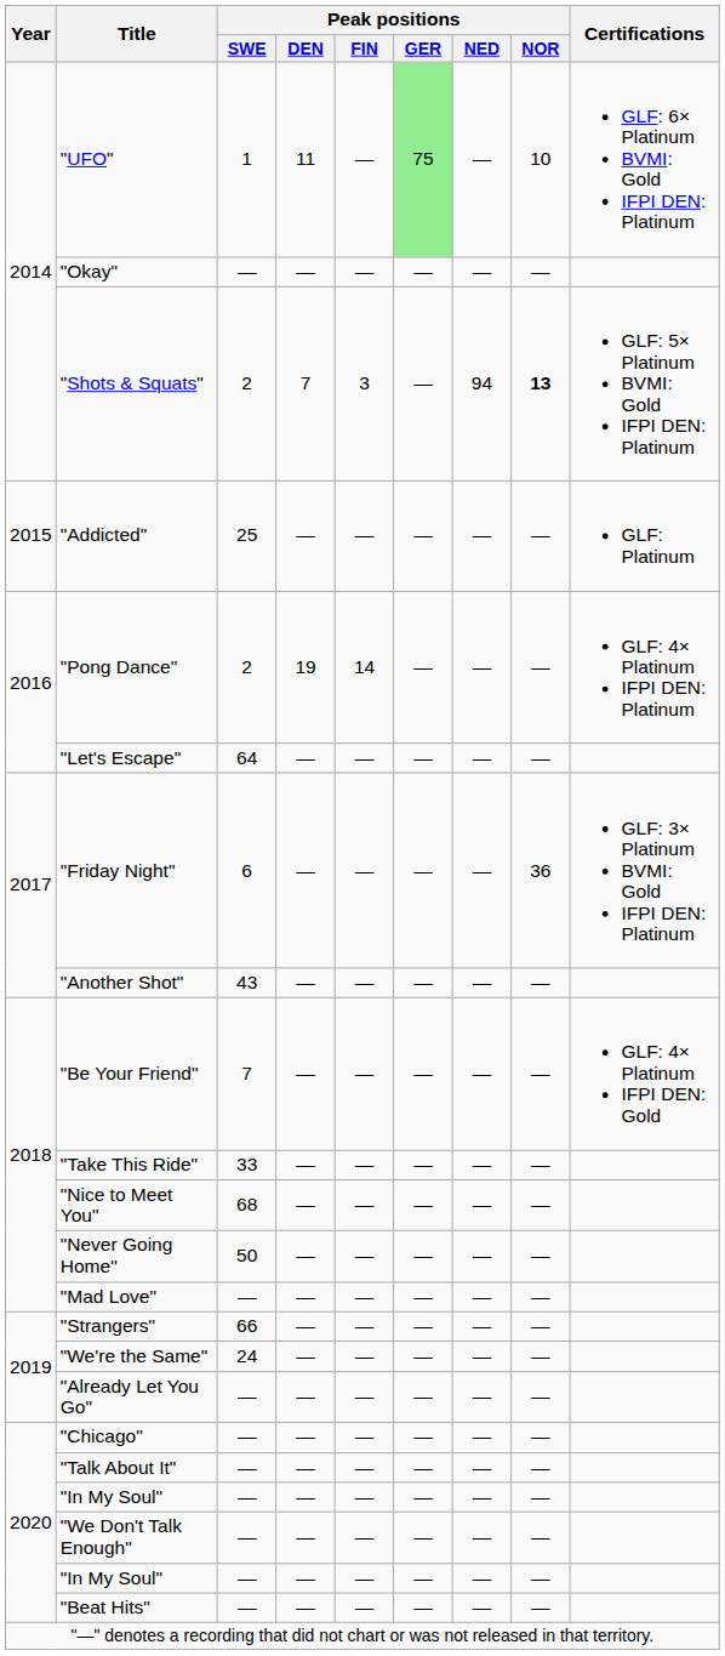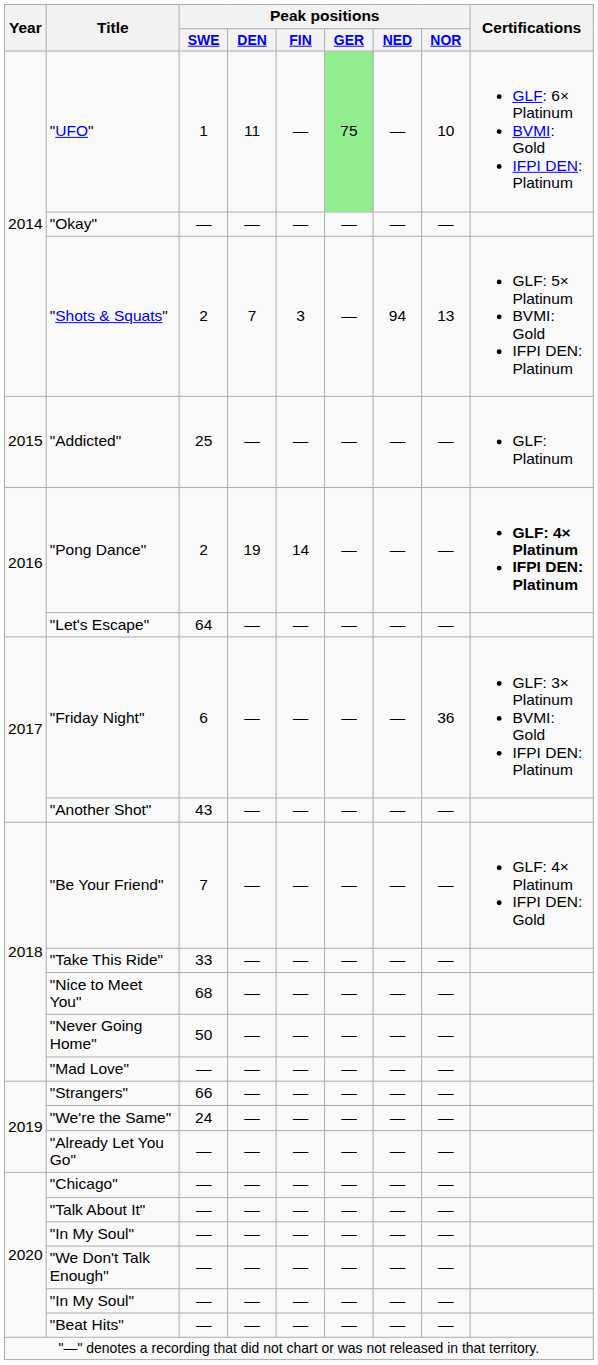 <table class="wikitable">
 <tr>
 <th align="center" rowspan="2" width="10">Year</th>
 <th align="center" rowspan="2" width="130">Title</th>
 <th align="center" colspan="6" width="20">Peak positions</th>
 <th align="center" rowspan="2">Certifications</th>
 </tr>
 <tr>
 <th scope="col" style="width:3em;font-size:90%;"><a href='#'>SWE</a><br></th>
 <th scope="col" style="width:3em;font-size:90%;"><a href='#'>DEN</a><br></th>
 <th scope="col" style="width:3em;font-size:90%;"><a href='#'>FIN</a><br></th>
 <th scope="col" style="width:3em;font-size:90%;"><a href='#'>GER</a><br></th>
 <th scope="col" style="width:3em;font-size:90%;"><a href='#'>NED</a><br></th>
 <th scope="col" style="width:3em;font-size:90%;"><a href='#'>NOR</a><br></th>
 </tr>
 <tr>
 <td rowspan="3" style="text-align:center;">2014</td>
 <td>"<a href='#'>UFO</a>"</td>
 <td style="text-align:center;">1</td>
 <td style="text-align:center;">11</td>
 <td style="text-align:center;">—</td>
 <td style="background: lightgreen; text-align:center;">75</td>
 <td style="text-align:center;">—</td>
 <td style="text-align:center;">10</td>
 <td><br><ul><li><a href='#'>GLF</a>: 6× Platinum</li><li><a href='#'>BVMI</a>: Gold</li><li><a href='#'>IFPI DEN</a>: Platinum</li></ul></td>
 </tr>
 <tr>
 <td>"Okay"</td>
 <td style="text-align:center;">—</td>
 <td style="text-align:center;">—</td>
 <td style="text-align:center;">—</td>
 <td style="text-align:center;">—</td>
 <td style="text-align:center;">—</td>
 <td style="text-align:center;">—</td>
 <td></td>
 </tr>
 <tr>
 <td>"<a href='#'>Shots & Squats</a>" <br></td>
 <td style="text-align:center;">2</td>
 <td style="text-align:center;">7</td>
 <td style="text-align:center;">3</td>
 <td style="text-align:center;">—</td>
 <td style="text-align:center;">94</td>
-<td style="text-align:center;"><strong>13</strong></td>
+<td style="text-align:center;">13</td>
 <td><br><ul><li>GLF: 5× Platinum</li><li>BVMI: Gold</li><li>IFPI DEN: Platinum</li></ul></td>
 </tr>
 <tr>
 <td>2015</td>
 <td>"Addicted" <br></td>
 <td style="text-align:center;">25</td>
 <td style="text-align:center;">—</td>
 <td style="text-align:center;">—</td>
 <td style="text-align:center;">—</td>
 <td style="text-align:center;">—</td>
 <td style="text-align:center;">—</td>
 <td><br><ul><li>GLF: Platinum</li></ul></td>
 </tr>
 <tr>
 <td style="text-align:center;" rowspan="2">2016</td>
 <td>"Pong Dance"</td>
 <td style="text-align:center;">2</td>
 <td style="text-align:center;">19</td>
 <td style="text-align:center;">14</td>
 <td style="text-align:center;">—</td>
 <td style="text-align:center;">—</td>
 <td style="text-align:center;">—</td>
-<td><br><ul><li>GLF: 4× Platinum</li><li>IFPI DEN: Platinum</li></ul></td>
+<td><strong><br><ul><li>GLF: 4× Platinum</li><li>IFPI DEN: Platinum</li></ul></strong></td>
 </tr>
 <tr>
 <td>"Let's Escape"</td>
 <td style="text-align:center;">64</td>
 <td style="text-align:center;">—</td>
 <td style="text-align:center;">—</td>
 <td style="text-align:center;">—</td>
 <td style="text-align:center;">—</td>
 <td style="text-align:center;">—</td>
 <td></td>
 </tr>
 <tr>
 <td style="text-align:center;" rowspan="2">2017</td>
 <td>"Friday Night"</td>
 <td style="text-align:center;">6</td>
 <td style="text-align:center;">—</td>
 <td style="text-align:center;">—</td>
 <td style="text-align:center;">—</td>
 <td style="text-align:center;">—</td>
 <td style="text-align:center;">36<br></td>
 <td><br><ul><li>GLF: 3× Platinum</li><li>BVMI: Gold</li><li>IFPI DEN: Platinum</li></ul></td>
 </tr>
 <tr>
 <td>"Another Shot"</td>
 <td style="text-align:center;">43</td>
 <td style="text-align:center;">—</td>
 <td style="text-align:center;">—</td>
 <td style="text-align:center;">—</td>
 <td style="text-align:center;">—</td>
 <td style="text-align:center;">—</td>
 <td></td>
 </tr>
 <tr>
 <td style="text-align:center;" rowspan="5">2018</td>
 <td>"Be Your Friend"<br></td>
 <td style="text-align:center;">7<br></td>
 <td style="text-align:center;">—</td>
 <td style="text-align:center;">—</td>
 <td style="text-align:center;">—</td>
 <td style="text-align:center;">—</td>
 <td style="text-align:center;">—</td>
 <td><br><ul><li>GLF: 4× Platinum</li><li>IFPI DEN: Gold</li></ul></td>
 </tr>
 <tr>
 <td>"Take This Ride"</td>
 <td style="text-align:center;">33<br></td>
 <td style="text-align:center;">—</td>
 <td style="text-align:center;">—</td>
 <td style="text-align:center;">—</td>
 <td style="text-align:center;">—</td>
 <td style="text-align:center;">—</td>
 <td></td>
 </tr>
 <tr>
 <td>"Nice to Meet You"<br></td>
 <td style="text-align:center;">68<br></td>
 <td style="text-align:center;">—</td>
 <td style="text-align:center;">—</td>
 <td style="text-align:center;">—</td>
 <td style="text-align:center;">—</td>
 <td style="text-align:center;">—</td>
 <td></td>
 </tr>
 <tr>
 <td>"Never Going Home"</td>
 <td style="text-align:center;">50<br></td>
 <td style="text-align:center;">—</td>
 <td style="text-align:center;">—</td>
 <td style="text-align:center;">—</td>
 <td style="text-align:center;">—</td>
 <td style="text-align:center;">—</td>
 <td></td>
 </tr>
 <tr>
 <td>"Mad Love"<br></td>
 <td style="text-align:center;">—</td>
 <td style="text-align:center;">—</td>
 <td style="text-align:center;">—</td>
 <td style="text-align:center;">—</td>
 <td style="text-align:center;">—</td>
 <td style="text-align:center;">—</td>
 <td></td>
 </tr>
 <tr>
 <td style="text-align:center;" rowspan="3">2019</td>
 <td>"Strangers"<br></td>
 <td style="text-align:center;">66<br></td>
 <td style="text-align:center;">—</td>
 <td style="text-align:center;">—</td>
 <td style="text-align:center;">—</td>
 <td style="text-align:center;">—</td>
 <td style="text-align:center;">—</td>
 <td></td>
 </tr>
 <tr>
 <td>"We're the Same"<br></td>
 <td style="text-align:center;">24<br></td>
 <td style="text-align:center;">—</td>
 <td style="text-align:center;">—</td>
 <td style="text-align:center;">—</td>
 <td style="text-align:center;">—</td>
 <td style="text-align:center;">—</td>
 <td></td>
 </tr>
 <tr>
 <td>"Already Let You Go"<br></td>
 <td style="text-align:center;">—</td>
 <td style="text-align:center;">—</td>
 <td style="text-align:center;">—</td>
 <td style="text-align:center;">—</td>
 <td style="text-align:center;">—</td>
 <td style="text-align:center;">—</td>
 <td></td>
 </tr>
 <tr>
 <td style="text-align:center;" rowspan="6">2020</td>
 <td>"Chicago"</td>
 <td style="text-align:center;">—</td>
 <td style="text-align:center;">—</td>
 <td style="text-align:center;">—</td>
 <td style="text-align:center;">—</td>
 <td style="text-align:center;">—</td>
 <td style="text-align:center;">—</td>
 <td></td>
 </tr>
 <tr>
 <td>"Talk About It" <br></td>
 <td style="text-align:center;">—</td>
 <td style="text-align:center;">—</td>
 <td style="text-align:center;">—</td>
 <td style="text-align:center;">—</td>
 <td style="text-align:center;">—</td>
 <td style="text-align:center;">—</td>
 <td></td>
 </tr>
 <tr>
 <td>"In My Soul"</td>
 <td style="text-align:center;">—</td>
 <td style="text-align:center;">—</td>
 <td style="text-align:center;">—</td>
 <td style="text-align:center;">—</td>
 <td style="text-align:center;">—</td>
 <td style="text-align:center;">—</td>
 <td></td>
 </tr>
 <tr>
 <td>"We Don't Talk Enough" <br></td>
 <td style="text-align:center;">—</td>
 <td style="text-align:center;">—</td>
 <td style="text-align:center;">—</td>
 <td style="text-align:center;">—</td>
 <td style="text-align:center;">—</td>
 <td style="text-align:center;">—</td>
 <td></td>
 </tr>
 <tr>
 <td>"In My Soul"</td>
 <td style="text-align:center;">—</td>
 <td style="text-align:center;">—</td>
 <td style="text-align:center;">—</td>
 <td style="text-align:center;">—</td>
 <td style="text-align:center;">—</td>
 <td style="text-align:center;">—</td>
 <td></td>
 </tr>
 <tr>
 <td>"Beat Hits"</td>
 <td style="text-align:center;">—</td>
 <td style="text-align:center;">—</td>
 <td style="text-align:center;">—</td>
 <td style="text-align:center;">—</td>
 <td style="text-align:center;">—</td>
 <td style="text-align:center;">—</td>
 <td></td>
 </tr>
 <tr>
 <td colspan="9" style="text-align:center;font-size:90%">"—" denotes a recording that did not chart or was not released in that territory.</td>
 </tr>
 </table>
